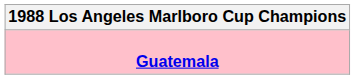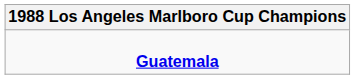 <table class=wikitable style="text-align:center; margin:auto">
 <tr>
 <th>1988 Los Angeles Marlboro Cup Champions</th>
 </tr>
 <tr>
-<td style="background: pink;"><br><strong><a href='#'> Guatemala</a></strong></td>
+<td><br><strong><a href='#'> Guatemala</a></strong></td>
 </tr>
 </table>
